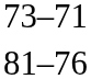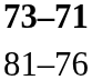 <table style="text-align:center">
 <tr>
 <th width=200></th>
 <th width=100></th>
 <th width=200></th>
 <th></th>
 </tr>
 <tr>
 <td align=right><strong></strong></td>
-<td>73–71</td>
+<td><strong>73–71</strong></td>
 <td align=left></td>
 </tr>
 <tr>
 <td align=right><strong></strong></td>
 <td>81–76</td>
 <td align=left></td>
 </tr>
 </table>
